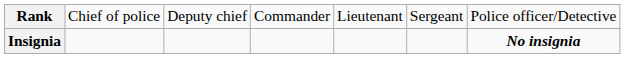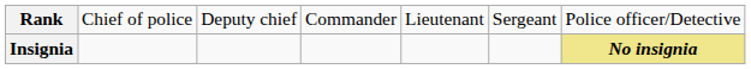 <table class="wikitable">
 <tr style="text-align:center;">
 <th>Rank</th>
 <td>Chief of police</td>
 <td>Deputy chief</td>
 <td>Commander</td>
 <td>Lieutenant</td>
 <td>Sergeant</td>
 <td>Police officer/Detective</td>
 </tr>
 <tr style="text-align:center;">
 <th>Insignia</th>
 <td></td>
 <td></td>
 <td></td>
 <td></td>
 <td></td>
-<td><strong><em>No insignia</em></strong></td>
+<td style="background: khaki;"><strong><em>No insignia</em></strong></td>
 </tr>
 </table>
